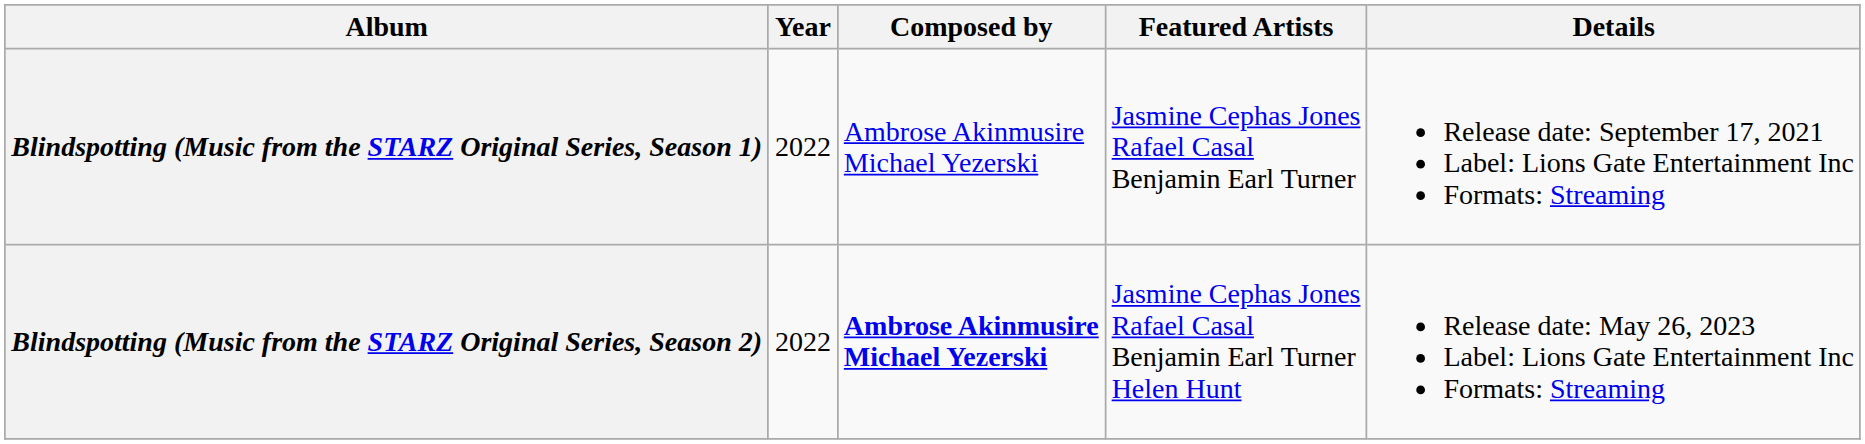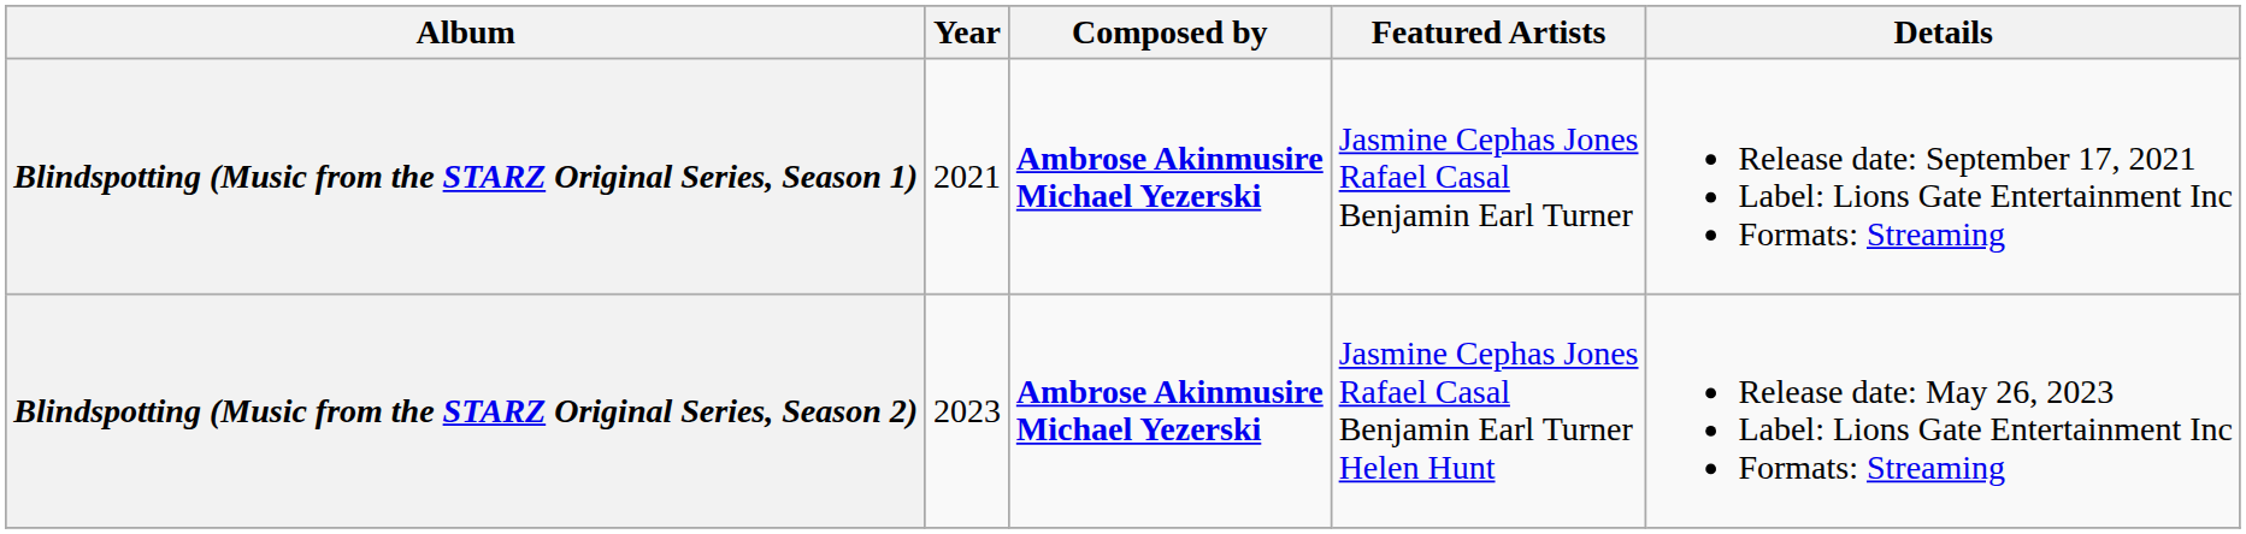 <table class="wikitable">
 <tr>
 <th>Album</th>
 <th>Year</th>
 <th>Composed by</th>
 <th>Featured Artists</th>
 <th>Details</th>
 </tr>
 <tr>
 <th><em>Blindspotting (Music from the <a href='#'>STARZ</a> Original Series, Season 1)</em></th>
-<td>2022</td>
-<td><a href='#'>Ambrose Akinmusire</a><br><a href='#'>Michael Yezerski</a></td>
+<td>2021</td>
+<td><strong><a href='#'>Ambrose Akinmusire</a><br><a href='#'>Michael Yezerski</a></strong></td>
 <td><a href='#'>Jasmine Cephas Jones</a><br><a href='#'>Rafael Casal</a><br>Benjamin Earl Turner</td>
 <td><br><ul><li>Release date: September 17, 2021</li><li>Label: Lions Gate Entertainment Inc</li><li>Formats: <a href='#'>Streaming</a></li></ul></td>
 </tr>
 <tr>
 <th><em>Blindspotting (Music from the <a href='#'>STARZ</a> Original Series, Season 2)</em></th>
-<td>2022</td>
+<td>2023</td>
 <td><strong><a href='#'>Ambrose Akinmusire</a><br><a href='#'>Michael Yezerski</a></strong></td>
 <td><a href='#'>Jasmine Cephas Jones</a><br><a href='#'>Rafael Casal</a><br>Benjamin Earl Turner<br><a href='#'>Helen Hunt</a></td>
 <td><br><ul><li>Release date: May 26, 2023</li><li>Label: Lions Gate Entertainment Inc</li><li>Formats: <a href='#'>Streaming</a></li></ul></td>
 </tr>
 </table>
